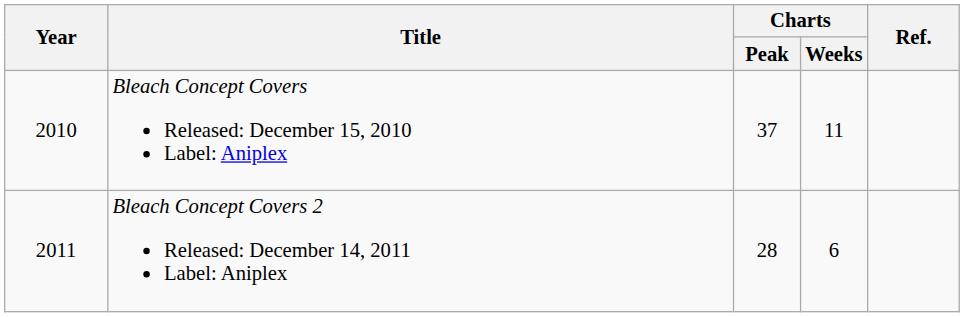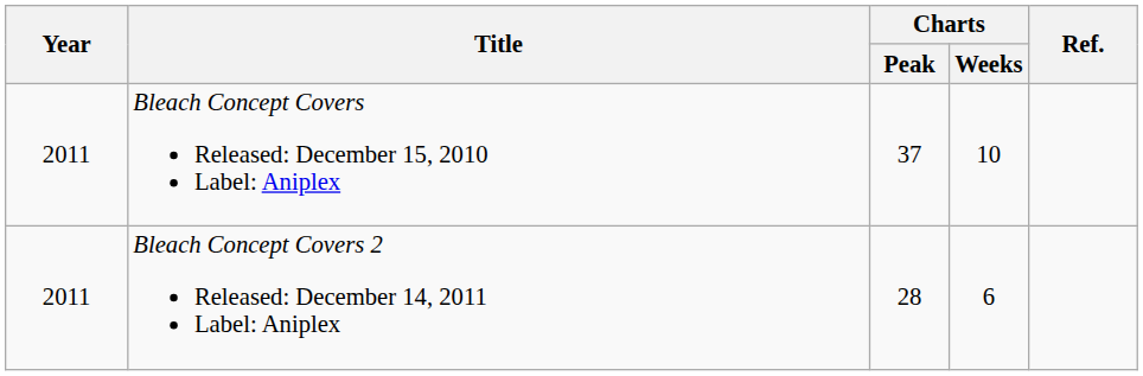 <table class="wikitable">
 <tr>
 <th rowspan="2">Year</th>
 <th rowspan="2">Title</th>
 <th colspan="2">Charts</th>
 <th rowspan="2">Ref.</th>
 </tr>
 <tr>
 <th style="width:7%;">Peak</th>
 <th style="width:7%;">Weeks</th>
 </tr>
 <tr>
-<td style="text-align:center;">2010</td>
+<td style="text-align:center;">2011</td>
 <td align="left"><em>Bleach Concept Covers</em><br><ul><li>Released: December 15, 2010</li><li>Label: <a href='#'>Aniplex</a></li></ul></td>
 <td style="text-align:center;">37</td>
-<td style="text-align:center;">11</td>
+<td style="text-align:center;">10</td>
 <td style="text-align:center;"></td>
 </tr>
 <tr>
 <td style="text-align:center;">2011</td>
 <td align="left"><em>Bleach Concept Covers 2</em><br><ul><li>Released: December 14, 2011</li><li>Label: Aniplex</li></ul></td>
 <td style="text-align:center;">28</td>
 <td style="text-align:center;">6</td>
 <td style="text-align:center;"></td>
 </tr>
 </table>
